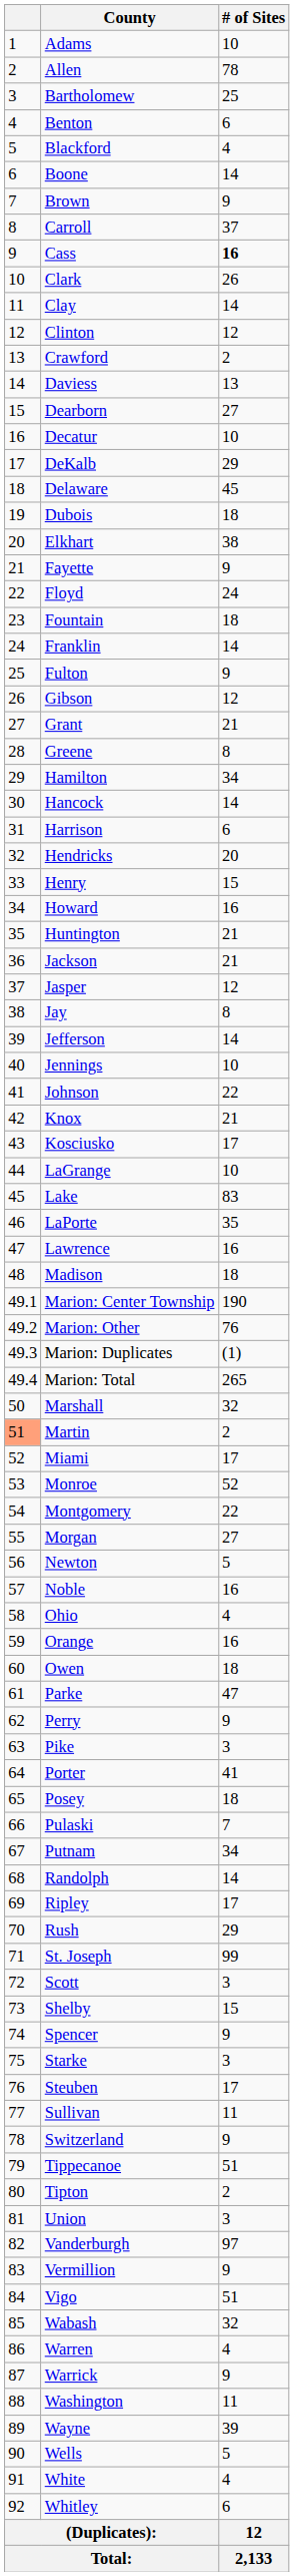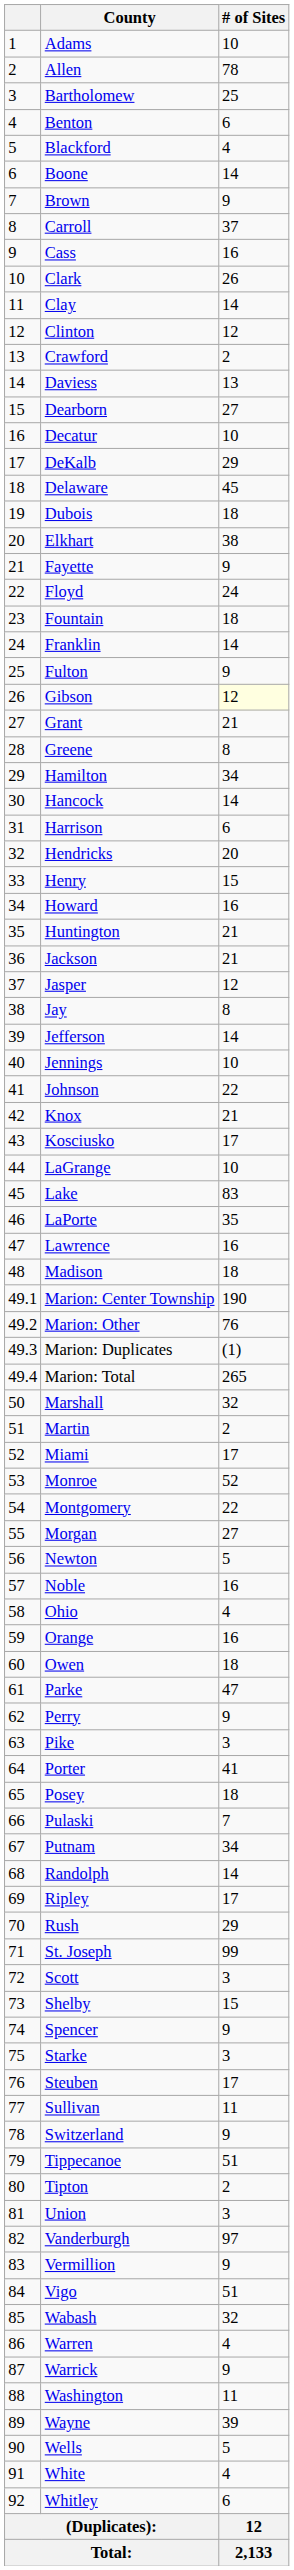 <table class="wikitable sortable">
 <tr>
 <th></th>
 <th><strong>County</strong></th>
 <th><strong># of Sites</strong></th>
 </tr>
 <tr ->
 <td>1</td>
 <td><a href='#'>Adams</a></td>
 <td>10</td>
 </tr>
 <tr>
 <td>2</td>
 <td><a href='#'>Allen</a></td>
 <td>78</td>
 </tr>
 <tr>
 <td>3</td>
 <td><a href='#'>Bartholomew</a></td>
 <td>25</td>
 </tr>
 <tr>
 <td>4</td>
 <td><a href='#'>Benton</a></td>
 <td>6</td>
 </tr>
 <tr>
 <td>5</td>
 <td><a href='#'>Blackford</a></td>
 <td>4</td>
 </tr>
 <tr>
 <td>6</td>
 <td><a href='#'>Boone</a></td>
 <td>14</td>
 </tr>
 <tr>
 <td>7</td>
 <td><a href='#'>Brown</a></td>
 <td>9</td>
 </tr>
 <tr>
 <td>8</td>
 <td><a href='#'>Carroll</a></td>
 <td>37</td>
 </tr>
 <tr>
 <td>9</td>
 <td><a href='#'>Cass</a></td>
-<td><strong>16</strong></td>
+<td>16</td>
 </tr>
 <tr>
 <td>10</td>
 <td><a href='#'>Clark</a></td>
 <td>26</td>
 </tr>
 <tr>
 <td>11</td>
 <td><a href='#'>Clay</a></td>
 <td>14</td>
 </tr>
 <tr>
 <td>12</td>
 <td><a href='#'>Clinton</a></td>
 <td>12</td>
 </tr>
 <tr>
 <td>13</td>
 <td><a href='#'>Crawford</a></td>
 <td>2</td>
 </tr>
 <tr>
 <td>14</td>
 <td><a href='#'>Daviess</a></td>
 <td>13</td>
 </tr>
 <tr>
 <td>15</td>
 <td><a href='#'>Dearborn</a></td>
 <td>27</td>
 </tr>
 <tr>
 <td>16</td>
 <td><a href='#'>Decatur</a></td>
 <td>10</td>
 </tr>
 <tr>
 <td>17</td>
 <td><a href='#'>DeKalb</a></td>
 <td>29</td>
 </tr>
 <tr>
 <td>18</td>
 <td><a href='#'>Delaware</a></td>
 <td>45</td>
 </tr>
 <tr>
 <td>19</td>
 <td><a href='#'>Dubois</a></td>
 <td>18</td>
 </tr>
 <tr>
 <td>20</td>
 <td><a href='#'>Elkhart</a></td>
 <td>38</td>
 </tr>
 <tr>
 <td>21</td>
 <td><a href='#'>Fayette</a></td>
 <td>9</td>
 </tr>
 <tr>
 <td>22</td>
 <td><a href='#'>Floyd</a></td>
 <td>24</td>
 </tr>
 <tr>
 <td>23</td>
 <td><a href='#'>Fountain</a></td>
 <td>18</td>
 </tr>
 <tr>
 <td>24</td>
 <td><a href='#'>Franklin</a></td>
 <td>14</td>
 </tr>
 <tr>
 <td>25</td>
 <td><a href='#'>Fulton</a></td>
 <td>9</td>
 </tr>
 <tr>
 <td>26</td>
 <td><a href='#'>Gibson</a></td>
-<td>12</td>
+<td style="background: lightyellow;">12</td>
 </tr>
 <tr>
 <td>27</td>
 <td><a href='#'>Grant</a></td>
 <td>21</td>
 </tr>
 <tr>
 <td>28</td>
 <td><a href='#'>Greene</a></td>
 <td>8</td>
 </tr>
 <tr>
 <td>29</td>
 <td><a href='#'>Hamilton</a></td>
 <td>34</td>
 </tr>
 <tr>
 <td>30</td>
 <td><a href='#'>Hancock</a></td>
 <td>14</td>
 </tr>
 <tr>
 <td>31</td>
 <td><a href='#'>Harrison</a></td>
 <td>6</td>
 </tr>
 <tr>
 <td>32</td>
 <td><a href='#'>Hendricks</a></td>
 <td>20</td>
 </tr>
 <tr>
 <td>33</td>
 <td><a href='#'>Henry</a></td>
 <td>15</td>
 </tr>
 <tr>
 <td>34</td>
 <td><a href='#'>Howard</a></td>
 <td>16</td>
 </tr>
 <tr>
 <td>35</td>
 <td><a href='#'>Huntington</a></td>
 <td>21</td>
 </tr>
 <tr>
 <td>36</td>
 <td><a href='#'>Jackson</a></td>
 <td>21</td>
 </tr>
 <tr>
 <td>37</td>
 <td><a href='#'>Jasper</a></td>
 <td>12</td>
 </tr>
 <tr>
 <td>38</td>
 <td><a href='#'>Jay</a></td>
 <td>8</td>
 </tr>
 <tr>
 <td>39</td>
 <td><a href='#'>Jefferson</a></td>
 <td>14</td>
 </tr>
 <tr>
 <td>40</td>
 <td><a href='#'>Jennings</a></td>
 <td>10</td>
 </tr>
 <tr>
 <td>41</td>
 <td><a href='#'>Johnson</a></td>
 <td>22</td>
 </tr>
 <tr>
 <td>42</td>
 <td><a href='#'>Knox</a></td>
 <td>21</td>
 </tr>
 <tr>
 <td>43</td>
 <td><a href='#'>Kosciusko</a></td>
 <td>17</td>
 </tr>
 <tr>
 <td>44</td>
 <td><a href='#'>LaGrange</a></td>
 <td>10</td>
 </tr>
 <tr>
 <td>45</td>
 <td><a href='#'>Lake</a></td>
 <td>83</td>
 </tr>
 <tr>
 <td>46</td>
 <td><a href='#'>LaPorte</a></td>
 <td>35</td>
 </tr>
 <tr>
 <td>47</td>
 <td><a href='#'>Lawrence</a></td>
 <td>16</td>
 </tr>
 <tr>
 <td>48</td>
 <td><a href='#'>Madison</a></td>
 <td>18</td>
 </tr>
 <tr>
 <td>49.1</td>
 <td><a href='#'>Marion: Center Township</a></td>
 <td>190</td>
 </tr>
 <tr>
 <td>49.2</td>
 <td><a href='#'>Marion: Other</a></td>
 <td>76</td>
 </tr>
 <tr>
 <td>49.3</td>
 <td>Marion: Duplicates</td>
 <td>(1)</td>
 </tr>
 <tr>
 <td>49.4</td>
 <td>Marion: Total</td>
 <td>265</td>
 </tr>
 <tr>
 <td>50</td>
 <td><a href='#'>Marshall</a></td>
 <td>32</td>
 </tr>
 <tr>
-<td style="background: lightsalmon;">51</td>
+<td>51</td>
 <td><a href='#'>Martin</a></td>
 <td>2</td>
 </tr>
 <tr>
 <td>52</td>
 <td><a href='#'>Miami</a></td>
 <td>17</td>
 </tr>
 <tr>
 <td>53</td>
 <td><a href='#'>Monroe</a></td>
 <td>52</td>
 </tr>
 <tr>
 <td>54</td>
 <td><a href='#'>Montgomery</a></td>
 <td>22</td>
 </tr>
 <tr>
 <td>55</td>
 <td><a href='#'>Morgan</a></td>
 <td>27</td>
 </tr>
 <tr>
 <td>56</td>
 <td><a href='#'>Newton</a></td>
 <td>5</td>
 </tr>
 <tr>
 <td>57</td>
 <td><a href='#'>Noble</a></td>
 <td>16</td>
 </tr>
 <tr>
 <td>58</td>
 <td><a href='#'>Ohio</a></td>
 <td>4</td>
 </tr>
 <tr>
 <td>59</td>
 <td><a href='#'>Orange</a></td>
 <td>16</td>
 </tr>
 <tr>
 <td>60</td>
 <td><a href='#'>Owen</a></td>
 <td>18</td>
 </tr>
 <tr>
 <td>61</td>
 <td><a href='#'>Parke</a></td>
 <td>47</td>
 </tr>
 <tr>
 <td>62</td>
 <td><a href='#'>Perry</a></td>
 <td>9</td>
 </tr>
 <tr>
 <td>63</td>
 <td><a href='#'>Pike</a></td>
 <td>3</td>
 </tr>
 <tr>
 <td>64</td>
 <td><a href='#'>Porter</a></td>
 <td>41</td>
 </tr>
 <tr>
 <td>65</td>
 <td><a href='#'>Posey</a></td>
 <td>18</td>
 </tr>
 <tr>
 <td>66</td>
 <td><a href='#'>Pulaski</a></td>
 <td>7</td>
 </tr>
 <tr>
 <td>67</td>
 <td><a href='#'>Putnam</a></td>
 <td>34</td>
 </tr>
 <tr>
 <td>68</td>
 <td><a href='#'>Randolph</a></td>
 <td>14</td>
 </tr>
 <tr>
 <td>69</td>
 <td><a href='#'>Ripley</a></td>
 <td>17</td>
 </tr>
 <tr>
 <td>70</td>
 <td><a href='#'>Rush</a></td>
 <td>29</td>
 </tr>
 <tr>
 <td>71</td>
 <td><a href='#'>St. Joseph</a></td>
 <td>99</td>
 </tr>
 <tr>
 <td>72</td>
 <td><a href='#'>Scott</a></td>
 <td>3</td>
 </tr>
 <tr>
 <td>73</td>
 <td><a href='#'>Shelby</a></td>
 <td>15</td>
 </tr>
 <tr>
 <td>74</td>
 <td><a href='#'>Spencer</a></td>
 <td>9</td>
 </tr>
 <tr>
 <td>75</td>
 <td><a href='#'>Starke</a></td>
 <td>3</td>
 </tr>
 <tr>
 <td>76</td>
 <td><a href='#'>Steuben</a></td>
 <td>17</td>
 </tr>
 <tr>
 <td>77</td>
 <td><a href='#'>Sullivan</a></td>
 <td>11</td>
 </tr>
 <tr>
 <td>78</td>
 <td><a href='#'>Switzerland</a></td>
 <td>9</td>
 </tr>
 <tr>
 <td>79</td>
 <td><a href='#'>Tippecanoe</a></td>
 <td>51</td>
 </tr>
 <tr>
 <td>80</td>
 <td><a href='#'>Tipton</a></td>
 <td>2</td>
 </tr>
 <tr>
 <td>81</td>
 <td><a href='#'>Union</a></td>
 <td>3</td>
 </tr>
 <tr>
 <td>82</td>
 <td><a href='#'>Vanderburgh</a></td>
 <td>97</td>
 </tr>
 <tr>
 <td>83</td>
 <td><a href='#'>Vermillion</a></td>
 <td>9</td>
 </tr>
 <tr>
 <td>84</td>
 <td><a href='#'>Vigo</a></td>
 <td>51</td>
 </tr>
 <tr>
 <td>85</td>
 <td><a href='#'>Wabash</a></td>
 <td>32</td>
 </tr>
 <tr>
 <td>86</td>
 <td><a href='#'>Warren</a></td>
 <td>4</td>
 </tr>
 <tr>
 <td>87</td>
 <td><a href='#'>Warrick</a></td>
 <td>9</td>
 </tr>
 <tr>
 <td>88</td>
 <td><a href='#'>Washington</a></td>
 <td>11</td>
 </tr>
 <tr>
 <td>89</td>
 <td><a href='#'>Wayne</a></td>
 <td>39</td>
 </tr>
 <tr>
 <td>90</td>
 <td><a href='#'>Wells</a></td>
 <td>5</td>
 </tr>
 <tr>
 <td>91</td>
 <td><a href='#'>White</a></td>
 <td>4</td>
 </tr>
 <tr>
 <td>92</td>
 <td><a href='#'>Whitley</a></td>
 <td>6</td>
 </tr>
 <tr class="sortbottom">
 <th colspan="2">(Duplicates):</th>
 <th>12</th>
 </tr>
 <tr class="sortbottom">
 <th colspan="2">Total:</th>
 <th>2,133</th>
 </tr>
 </table>
